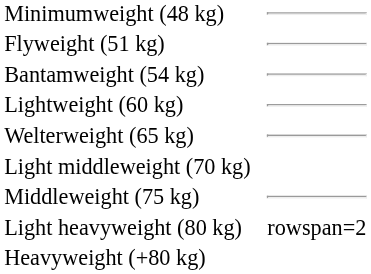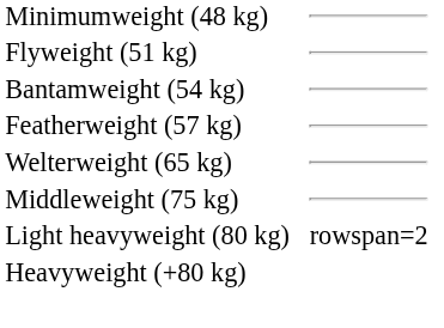 <table>
 <tr>
 <td>Minimumweight (48 kg)</td>
 <td></td>
 <td></td>
 <td><hr></td>
 </tr>
 <tr>
 <td>Flyweight (51 kg)</td>
 <td></td>
 <td></td>
 <td><hr></td>
 </tr>
 <tr>
 <td>Bantamweight (54 kg)</td>
 <td></td>
 <td></td>
 <td><hr></td>
 </tr>
 <tr>
-<td>Lightweight (60 kg)</td>
+<td>Featherweight (57 kg)</td>
 <td></td>
 <td></td>
 <td><hr></td>
 </tr>
 <tr>
 <td>Welterweight (65 kg)</td>
 <td></td>
 <td></td>
 <td><hr></td>
-</tr>
-<tr>
-<td>Light middleweight (70 kg)</td>
-<td></td>
-<td></td>
-<td></td>
 </tr>
 <tr>
 <td>Middleweight (75 kg)</td>
 <td></td>
 <td></td>
 <td><hr></td>
 </tr>
 <tr>
 <td>Light heavyweight (80 kg)</td>
 <td></td>
 <td></td>
 <td>rowspan=2 </td>
 </tr>
 <tr>
 <td>Heavyweight (+80 kg)</td>
 <td></td>
 <td></td>
 </tr>
 </table>
